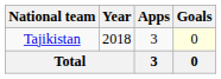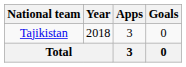 <table class="wikitable" style="text-align:center">
 <tr>
 <th>National team</th>
 <th>Year</th>
 <th>Apps</th>
 <th>Goals</th>
 </tr>
 <tr>
 <td rowspan="1"><a href='#'>Tajikistan</a></td>
 <td>2018</td>
 <td>3</td>
-<td style="background: lightyellow;">0</td>
+<td>0</td>
 </tr>
 <tr>
 <th colspan="2">Total</th>
 <th>3</th>
 <th>0</th>
 </tr>
 </table>
